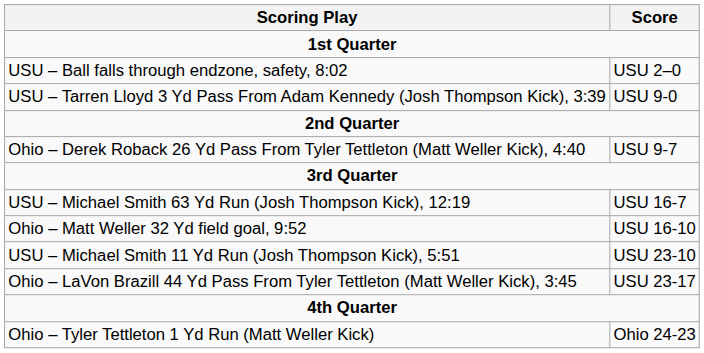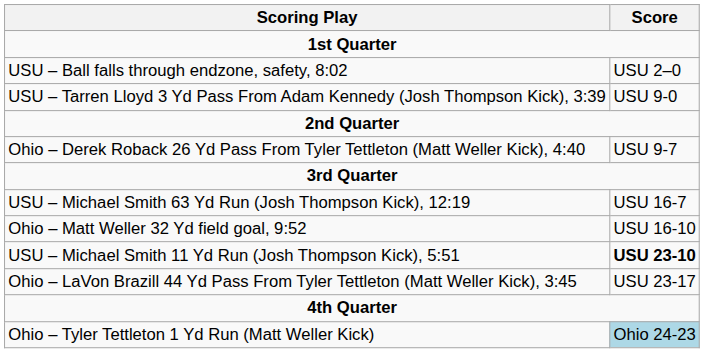 <table class="wikitable">
 <tr>
 <th>Scoring Play</th>
 <th>Score</th>
 </tr>
 <tr>
 <td colspan="4" align="center"><strong>1st Quarter</strong></td>
 </tr>
 <tr>
 <td>USU – Ball falls through endzone, safety, 8:02</td>
 <td>USU 2–0</td>
 </tr>
 <tr>
 <td>USU – Tarren Lloyd 3 Yd Pass From Adam Kennedy (Josh Thompson Kick), 3:39</td>
 <td>USU 9-0</td>
 </tr>
 <tr>
 <td colspan="4" align="center"><strong>2nd Quarter</strong></td>
 </tr>
 <tr>
 <td>Ohio – Derek Roback 26 Yd Pass From Tyler Tettleton (Matt Weller Kick), 4:40</td>
 <td>USU 9-7</td>
 </tr>
 <tr>
 <td colspan="4" align="center"><strong>3rd Quarter</strong></td>
 </tr>
 <tr>
 <td>USU – 	Michael Smith 63 Yd Run (Josh Thompson Kick), 12:19</td>
 <td>USU 16-7</td>
 </tr>
 <tr>
 <td>Ohio – Matt Weller 32 Yd field goal, 9:52</td>
 <td>USU 16-10</td>
 </tr>
 <tr>
 <td>USU – Michael Smith 11 Yd Run (Josh Thompson Kick), 5:51</td>
-<td>USU 23-10</td>
+<td><strong>USU 23-10</strong></td>
 </tr>
 <tr>
 <td>Ohio – LaVon Brazill 44 Yd Pass From Tyler Tettleton (Matt Weller Kick), 3:45</td>
 <td>USU 23-17</td>
 </tr>
 <tr>
 <td colspan="4" align="center"><strong>4th Quarter</strong></td>
 </tr>
 <tr>
 <td>Ohio – Tyler Tettleton 1 Yd Run (Matt Weller Kick)</td>
-<td>Ohio 24-23</td>
+<td style="background: lightblue;">Ohio 24-23</td>
 </tr>
 </table>
